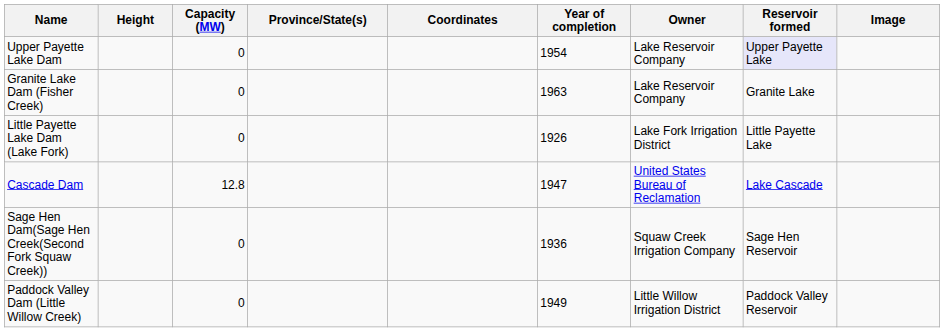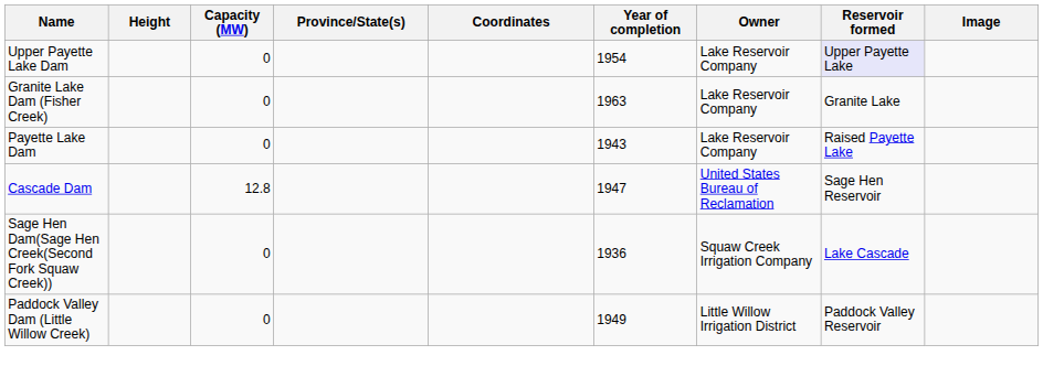 <table class="wikitable sortable" border="1">
 <tr>
 <th width="10%">Name</th>
 <th width="8%">Height</th>
 <th width="8%">Capacity (<a href='#'>MW</a>)</th>
 <th width="15%">Province/State(s)</th>
 <th width="16%">Coordinates</th>
 <th width="10%">Year of completion</th>
 <th width="12%">Owner</th>
 <th width="10%">Reservoir formed</th>
 <th>Image</th>
 </tr>
 <tr>
 <td>Upper Payette Lake Dam</td>
 <td></td>
 <td align="right">0</td>
 <td></td>
 <td></td>
 <td>1954</td>
 <td>Lake Reservoir Company</td>
 <td style="background: lavender;">Upper Payette Lake</td>
 <td></td>
 </tr>
 <tr>
 <td>Granite Lake Dam (Fisher Creek)</td>
 <td></td>
 <td align="right">0</td>
 <td></td>
 <td></td>
 <td>1963</td>
 <td>Lake Reservoir Company</td>
 <td>Granite Lake</td>
 <td></td>
 </tr>
 <tr>
-<td>Little Payette Lake Dam (Lake Fork)</td>
+<td>Payette Lake Dam</td>
 <td></td>
 <td align="right">0</td>
 <td></td>
 <td></td>
-<td>1926</td>
-<td>Lake Fork Irrigation District</td>
-<td>Little Payette Lake</td>
+<td>1943</td>
+<td>Lake Reservoir Company</td>
+<td>Raised <a href='#'>Payette Lake</a></td>
 <td></td>
 </tr>
 <tr>
 <td><a href='#'>Cascade Dam</a></td>
 <td></td>
 <td align="right">12.8</td>
 <td></td>
 <td></td>
 <td>1947</td>
 <td><a href='#'>United States Bureau of Reclamation</a></td>
-<td><a href='#'>Lake Cascade</a></td>
+<td>Sage Hen Reservoir</td>
 <td></td>
 </tr>
 <tr>
 <td>Sage Hen Dam(Sage Hen Creek(Second Fork Squaw Creek))</td>
 <td></td>
 <td align="right">0</td>
 <td></td>
 <td></td>
 <td>1936</td>
 <td>Squaw Creek Irrigation Company</td>
-<td>Sage Hen Reservoir</td>
+<td><a href='#'>Lake Cascade</a></td>
 <td></td>
 </tr>
 <tr>
 <td>Paddock Valley Dam (Little Willow Creek)</td>
 <td></td>
 <td align="right">0</td>
 <td></td>
 <td></td>
 <td>1949</td>
 <td>Little Willow Irrigation District</td>
 <td>Paddock Valley Reservoir</td>
 <td></td>
 </tr>
 </table>
